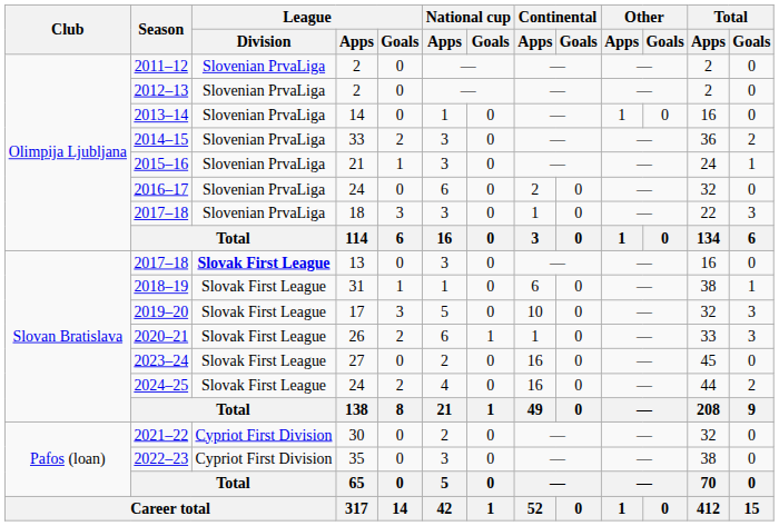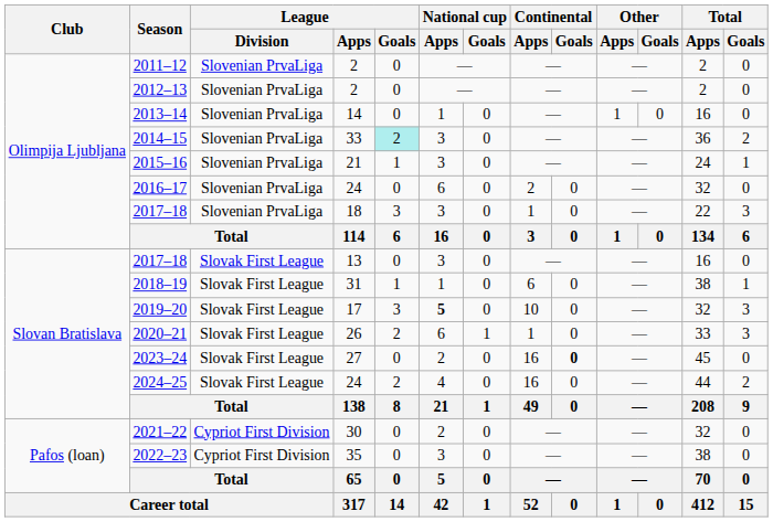 <table class="wikitable" style="text-align: center;">
 <tr>
 <th rowspan=2>Club</th>
 <th rowspan=2>Season</th>
 <th colspan=3>League</th>
 <th colspan=2>National cup</th>
 <th colspan=2>Continental</th>
 <th colspan=2>Other</th>
 <th colspan=2>Total</th>
 </tr>
 <tr>
 <th>Division</th>
 <th>Apps</th>
 <th>Goals</th>
 <th>Apps</th>
 <th>Goals</th>
 <th>Apps</th>
 <th>Goals</th>
 <th>Apps</th>
 <th>Goals</th>
 <th>Apps</th>
 <th>Goals</th>
 </tr>
 <tr>
 <td rowspan="8"><a href='#'>Olimpija Ljubljana</a></td>
 <td><a href='#'>2011–12</a></td>
 <td><a href='#'>Slovenian PrvaLiga</a></td>
 <td>2</td>
 <td>0</td>
 <td colspan="2">—</td>
 <td colspan="2">—</td>
 <td colspan="2">—</td>
 <td>2</td>
 <td>0</td>
 </tr>
 <tr>
 <td><a href='#'>2012–13</a></td>
 <td>Slovenian PrvaLiga</td>
 <td>2</td>
 <td>0</td>
 <td colspan="2">—</td>
 <td colspan="2">—</td>
 <td colspan="2">—</td>
 <td>2</td>
 <td>0</td>
 </tr>
 <tr>
 <td><a href='#'>2013–14</a></td>
 <td>Slovenian PrvaLiga</td>
 <td>14</td>
 <td>0</td>
 <td>1</td>
 <td>0</td>
 <td colspan="2">—</td>
 <td>1</td>
 <td>0</td>
 <td>16</td>
 <td>0</td>
 </tr>
 <tr>
 <td><a href='#'>2014–15</a></td>
 <td>Slovenian PrvaLiga</td>
 <td>33</td>
-<td>2</td>
+<td style="background: paleturquoise;">2</td>
 <td>3</td>
 <td>0</td>
 <td colspan="2">—</td>
 <td colspan="2">—</td>
 <td>36</td>
 <td>2</td>
 </tr>
 <tr>
 <td><a href='#'>2015–16</a></td>
 <td>Slovenian PrvaLiga</td>
 <td>21</td>
 <td>1</td>
 <td>3</td>
 <td>0</td>
 <td colspan="2">—</td>
 <td colspan="2">—</td>
 <td>24</td>
 <td>1</td>
 </tr>
 <tr>
 <td><a href='#'>2016–17</a></td>
 <td>Slovenian PrvaLiga</td>
 <td>24</td>
 <td>0</td>
 <td>6</td>
 <td>0</td>
 <td>2</td>
 <td>0</td>
 <td colspan="2">—</td>
 <td>32</td>
 <td>0</td>
 </tr>
 <tr>
 <td><a href='#'>2017–18</a></td>
 <td>Slovenian PrvaLiga</td>
 <td>18</td>
 <td>3</td>
 <td>3</td>
 <td>0</td>
 <td>1</td>
 <td>0</td>
 <td colspan="2">—</td>
 <td>22</td>
 <td>3</td>
 </tr>
 <tr>
 <th colspan="2">Total</th>
 <th>114</th>
 <th>6</th>
 <th>16</th>
 <th>0</th>
 <th>3</th>
 <th>0</th>
 <th>1</th>
 <th>0</th>
 <th>134</th>
 <th>6</th>
 </tr>
 <tr>
 <td rowspan="7"><a href='#'>Slovan Bratislava</a></td>
 <td><a href='#'>2017–18</a></td>
-<td><strong><a href='#'>Slovak First League</a></strong></td>
+<td><a href='#'>Slovak First League</a></td>
 <td>13</td>
 <td>0</td>
 <td>3</td>
 <td>0</td>
 <td colspan="2">—</td>
 <td colspan="2">—</td>
 <td>16</td>
 <td>0</td>
 </tr>
 <tr>
 <td><a href='#'>2018–19</a></td>
 <td>Slovak First League</td>
 <td>31</td>
 <td>1</td>
 <td>1</td>
 <td>0</td>
 <td>6</td>
 <td>0</td>
 <td colspan="2">—</td>
 <td>38</td>
 <td>1</td>
 </tr>
 <tr>
 <td><a href='#'>2019–20</a></td>
 <td>Slovak First League</td>
 <td>17</td>
 <td>3</td>
-<td>5</td>
+<td><strong>5</strong></td>
 <td>0</td>
 <td>10</td>
 <td>0</td>
 <td colspan="2">—</td>
 <td>32</td>
 <td>3</td>
 </tr>
 <tr>
 <td><a href='#'>2020–21</a></td>
 <td>Slovak First League</td>
 <td>26</td>
 <td>2</td>
 <td>6</td>
 <td>1</td>
 <td>1</td>
 <td>0</td>
 <td colspan="2">—</td>
 <td>33</td>
 <td>3</td>
 </tr>
 <tr>
 <td><a href='#'>2023–24</a></td>
 <td>Slovak First League</td>
 <td>27</td>
 <td>0</td>
 <td>2</td>
 <td>0</td>
 <td>16</td>
-<td>0</td>
+<td><strong>0</strong></td>
 <td colspan="2">—</td>
 <td>45</td>
 <td>0</td>
 </tr>
 <tr>
 <td><a href='#'>2024–25</a></td>
 <td>Slovak First League</td>
 <td>24</td>
 <td>2</td>
 <td>4</td>
 <td>0</td>
 <td>16</td>
 <td>0</td>
 <td colspan="2">—</td>
 <td>44</td>
 <td>2</td>
 </tr>
 <tr>
 <th colspan="2">Total</th>
 <th>138</th>
 <th>8</th>
 <th>21</th>
 <th>1</th>
 <th>49</th>
 <th>0</th>
 <th colspan="2">—</th>
 <th>208</th>
 <th>9</th>
 </tr>
 <tr>
 <td rowspan="3"><a href='#'>Pafos</a> (loan)</td>
 <td><a href='#'>2021–22</a></td>
 <td><a href='#'>Cypriot First Division</a></td>
 <td>30</td>
 <td>0</td>
 <td>2</td>
 <td>0</td>
 <td colspan="2">—</td>
 <td colspan="2">—</td>
 <td>32</td>
 <td>0</td>
 </tr>
 <tr>
 <td><a href='#'>2022–23</a></td>
 <td>Cypriot First Division</td>
 <td>35</td>
 <td>0</td>
 <td>3</td>
 <td>0</td>
 <td colspan="2">—</td>
 <td colspan="2">—</td>
 <td>38</td>
 <td>0</td>
 </tr>
 <tr>
 <th colspan="2">Total</th>
 <th>65</th>
 <th>0</th>
 <th>5</th>
 <th>0</th>
 <th colspan="2">—</th>
 <th colspan="2">—</th>
 <th>70</th>
 <th>0</th>
 </tr>
 <tr>
 <th colspan="3">Career total</th>
 <th>317</th>
 <th>14</th>
 <th>42</th>
 <th>1</th>
 <th>52</th>
 <th>0</th>
 <th>1</th>
 <th>0</th>
 <th>412</th>
 <th>15</th>
 </tr>
 </table>
